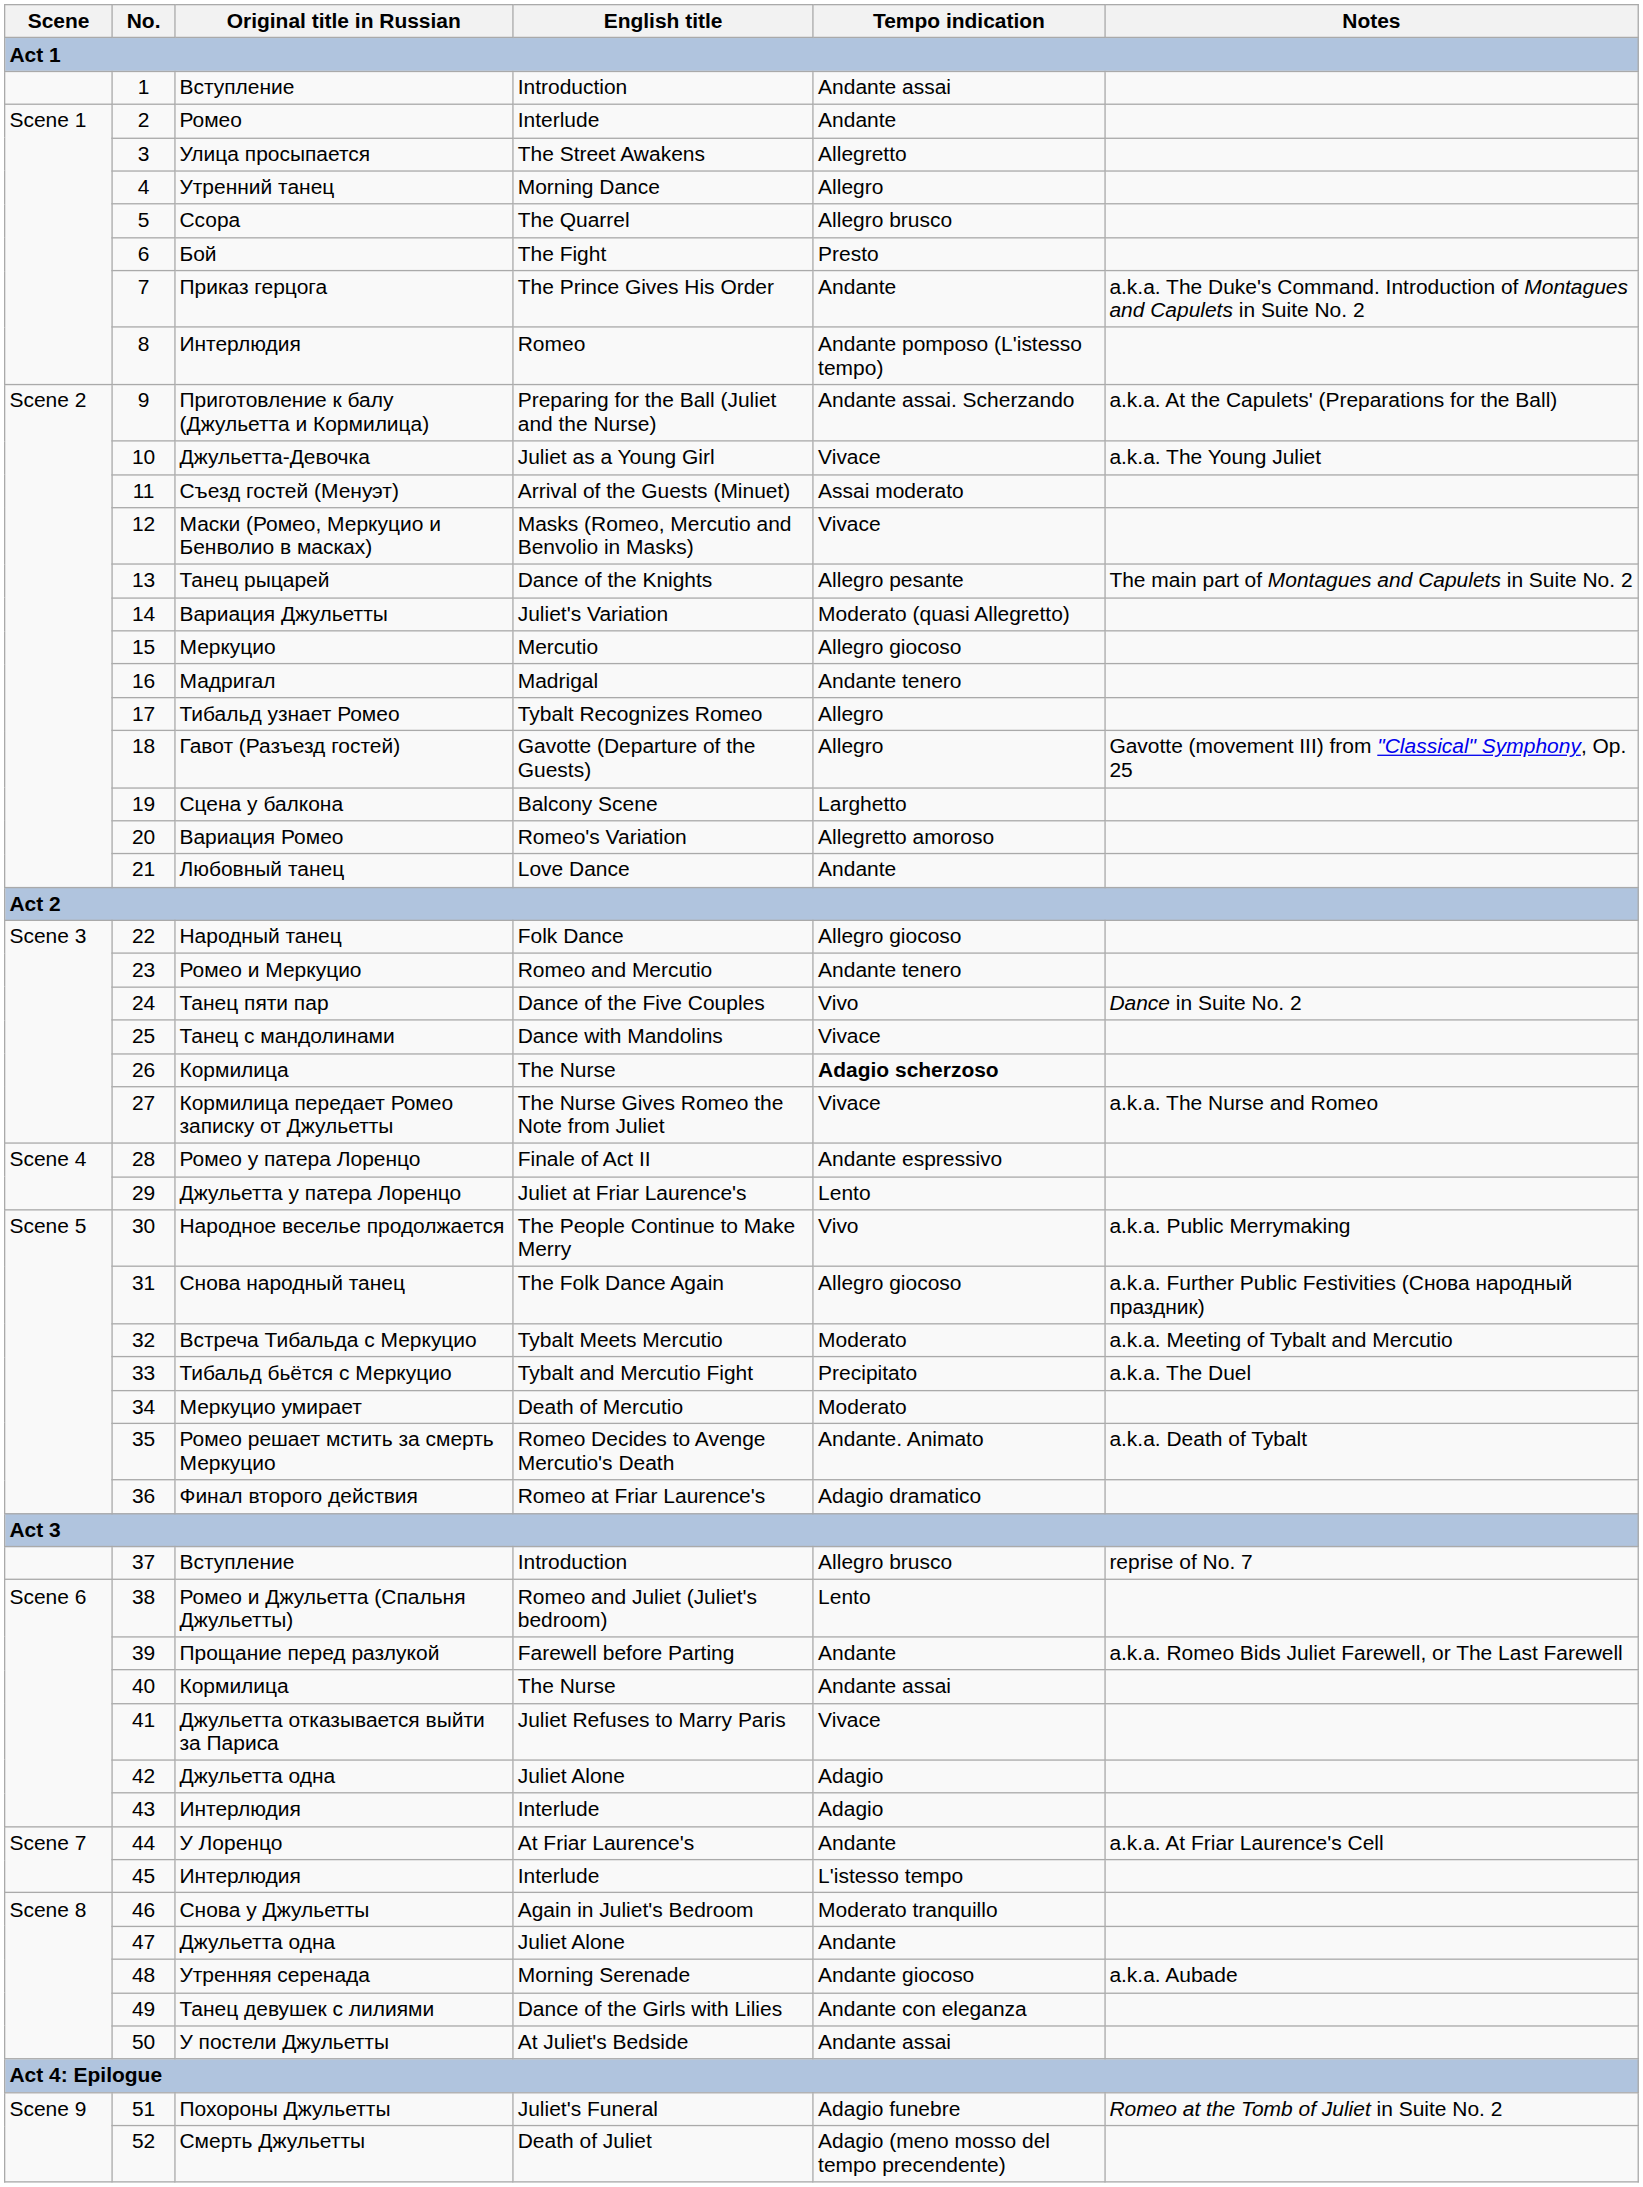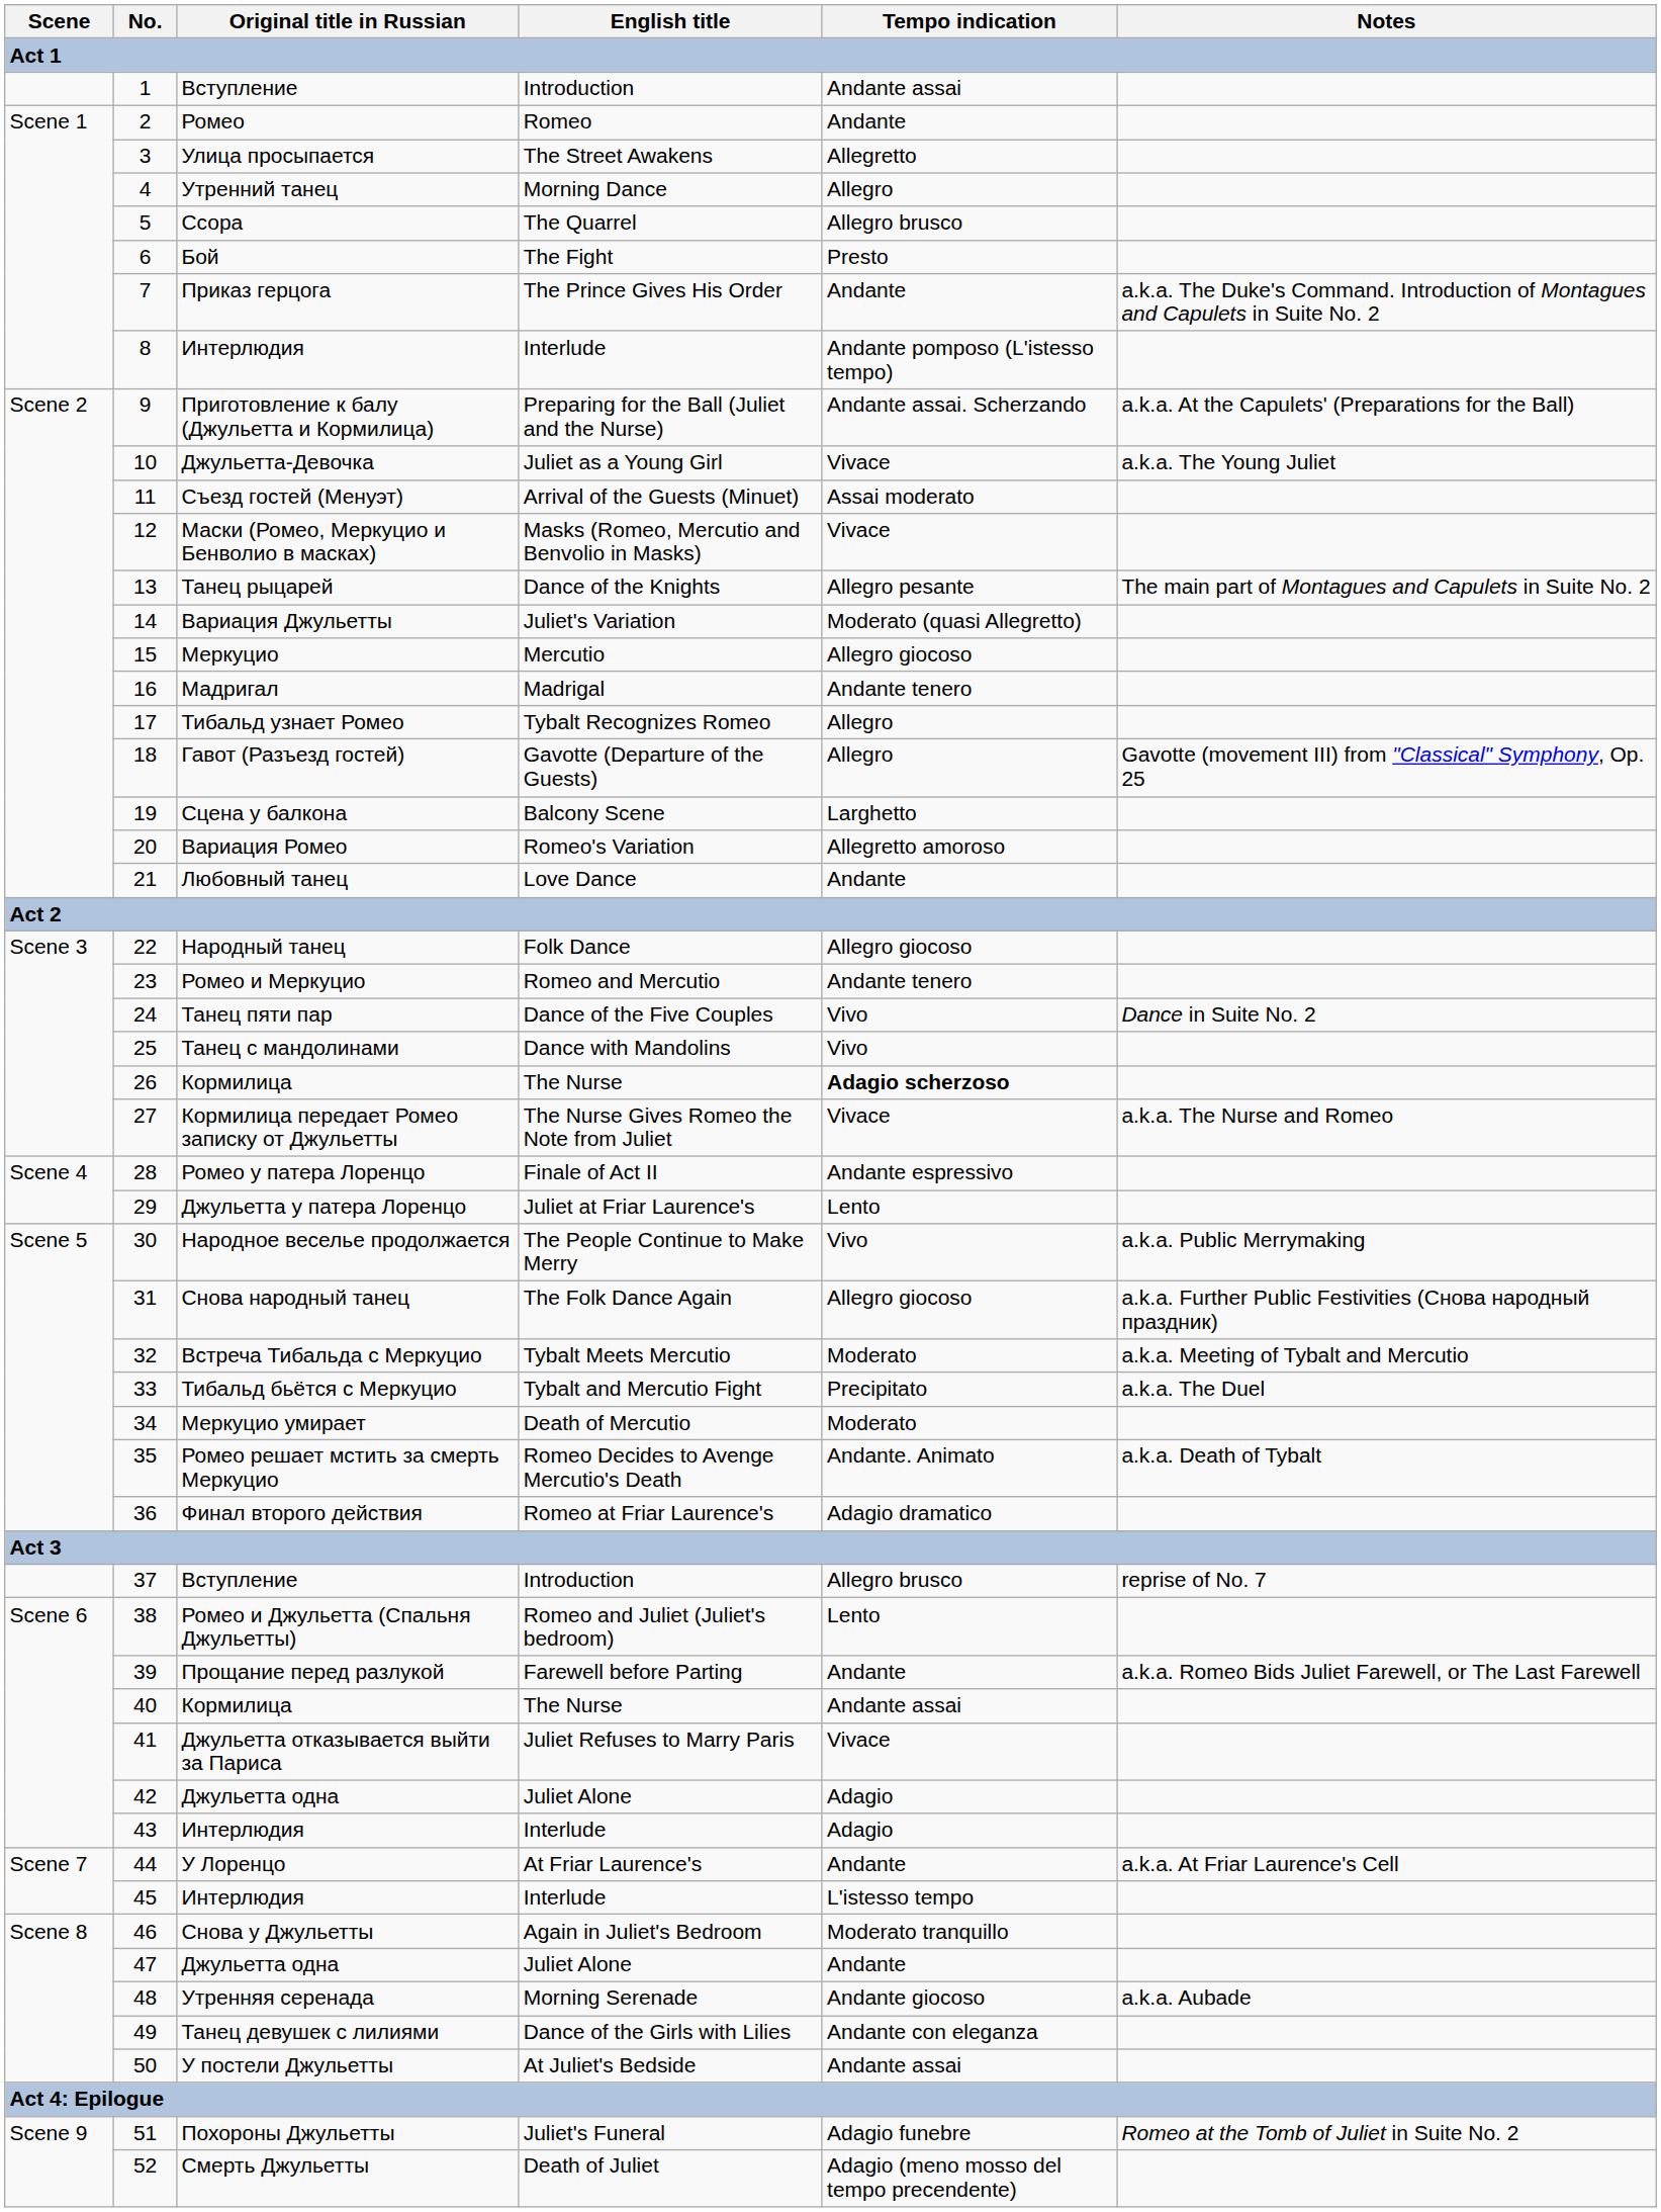 <table class="wikitable" style="margins:auto; width=95%;">
 <tr>
 <th width="75">Scene</th>
 <th width="40">No.</th>
 <th>Original title in Russian</th>
 <th>English title</th>
 <th>Tempo indication</th>
 <th width="400">Notes</th>
 </tr>
 <tr valign="top">
 <td colspan="6" valign="top" style="background:#B0C4DE;"><strong>Act 1</strong></td>
 </tr>
 <tr valign="top">
 <td></td>
 <td align=center>1</td>
 <td>Вступление</td>
 <td>Introduction</td>
 <td>Andante assai</td>
 <td></td>
 </tr>
 <tr valign="top">
 <td rowspan="7" valign="top">Scene 1</td>
 <td align=center>2</td>
 <td>Ромео</td>
-<td>Interlude</td>
+<td>Romeo</td>
 <td>Andante</td>
 <td></td>
 </tr>
 <tr valign="top">
 <td align=center>3</td>
 <td>Улица просыпается</td>
 <td>The Street Awakens</td>
 <td>Allegretto</td>
 <td></td>
 </tr>
 <tr valign="top">
 <td align=center>4</td>
 <td>Утренний танец</td>
 <td>Morning Dance</td>
 <td>Allegro</td>
 <td></td>
 </tr>
 <tr valign="top">
 <td align=center>5</td>
 <td>Ссора</td>
 <td>The Quarrel</td>
 <td>Allegro brusco</td>
 <td></td>
 </tr>
 <tr valign="top">
 <td align=center>6</td>
 <td>Бой</td>
 <td>The Fight</td>
 <td>Presto</td>
 <td></td>
 </tr>
 <tr valign="top">
 <td align=center>7</td>
 <td>Приказ герцога</td>
 <td>The Prince Gives His Order</td>
 <td>Andante</td>
 <td>a.k.a. The Duke's Command. Introduction of <em>Montagues and Capulets</em> in Suite No. 2</td>
 </tr>
 <tr valign="top">
 <td align=center>8</td>
 <td>Интерлюдия</td>
-<td>Romeo</td>
+<td>Interlude</td>
 <td>Andante pomposo (L'istesso tempo)</td>
 <td></td>
 </tr>
 <tr valign="top">
 <td rowspan="13" valign="top">Scene 2</td>
 <td align=center>9</td>
 <td>Приготовление к балу (Джульетта и Кормилица)</td>
 <td>Preparing for the Ball (Juliet and the Nurse)</td>
 <td>Andante assai. Scherzando</td>
 <td>a.k.a. At the Capulets' (Preparations for the Ball)</td>
 </tr>
 <tr valign="top">
 <td align=center>10</td>
 <td>Джульетта-Девочка</td>
 <td>Juliet as a Young Girl</td>
 <td>Vivace</td>
 <td>a.k.a. The Young Juliet</td>
 </tr>
 <tr valign="top">
 <td align=center>11</td>
 <td>Съезд гостей (Менуэт)</td>
 <td>Arrival of the Guests (Minuet)</td>
 <td>Assai moderato</td>
 <td></td>
 </tr>
 <tr valign="top">
 <td align=center>12</td>
 <td>Маски (Ромео, Меркуцио и Бенволио в масках)</td>
 <td>Masks (Romeo, Mercutio and Benvolio in Masks)</td>
 <td>Vivace</td>
 <td></td>
 </tr>
 <tr valign="top">
 <td align=center>13</td>
 <td>Танец рыцарей</td>
 <td>Dance of the Knights</td>
 <td>Allegro pesante</td>
 <td>The main part of <em>Montagues and Capulets</em> in Suite No. 2</td>
 </tr>
 <tr valign="top">
 <td align=center>14</td>
 <td>Вариация Джульетты</td>
 <td>Juliet's Variation</td>
 <td>Moderato (quasi Allegretto)</td>
 <td></td>
 </tr>
 <tr valign="top">
 <td align=center>15</td>
 <td>Меркуцио</td>
 <td>Mercutio</td>
 <td>Allegro giocoso</td>
 <td></td>
 </tr>
 <tr valign="top">
 <td align=center>16</td>
 <td>Мадригал</td>
 <td>Madrigal</td>
 <td>Andante tenero</td>
 <td></td>
 </tr>
 <tr valign="top">
 <td align=center>17</td>
 <td>Тибальд узнает Ромео</td>
 <td>Tybalt Recognizes Romeo</td>
 <td>Allegro</td>
 <td></td>
 </tr>
 <tr valign="top">
 <td align=center>18</td>
 <td>Гавот (Разъезд гостей)</td>
 <td>Gavotte (Departure of the Guests)</td>
 <td>Allegro</td>
 <td>Gavotte (movement III) from <a href='#'><em>"Classical" Symphony</em></a>, Op. 25</td>
 </tr>
 <tr valign="top">
 <td align=center>19</td>
 <td>Сцена у балкона</td>
 <td>Balcony Scene</td>
 <td>Larghetto</td>
 <td></td>
 </tr>
 <tr valign="top">
 <td align=center>20</td>
 <td>Вариация Ромео</td>
 <td>Romeo's Variation</td>
 <td>Allegretto amoroso</td>
 <td></td>
 </tr>
 <tr valign="top">
 <td align=center>21</td>
 <td>Любовный танец</td>
 <td>Love Dance</td>
 <td>Andante</td>
 <td></td>
 </tr>
 <tr valign="top">
 <td colspan="6" valign="top" style="background:#B0C4DE;"><strong>Act 2</strong></td>
 </tr>
 <tr valign="top">
 <td rowspan="6" valign="top">Scene 3</td>
 <td align=center>22</td>
 <td>Народный танец</td>
 <td>Folk Dance</td>
 <td>Allegro giocoso</td>
 <td></td>
 </tr>
 <tr valign="top">
 <td align=center>23</td>
 <td>Ромео и Меркуцио</td>
 <td>Romeo and Mercutio</td>
 <td>Andante tenero</td>
 <td></td>
 </tr>
 <tr valign="top">
 <td align=center>24</td>
 <td>Танец пяти пар</td>
 <td>Dance of the Five Couples</td>
 <td>Vivo</td>
 <td><em>Dance</em> in Suite No. 2</td>
 </tr>
 <tr valign="top">
 <td align=center>25</td>
 <td>Танец с мандолинами</td>
 <td>Dance with Mandolins</td>
-<td>Vivace</td>
+<td>Vivo</td>
 <td></td>
 </tr>
 <tr valign="top">
 <td align=center>26</td>
 <td>Кормилица</td>
 <td>The Nurse</td>
 <td><strong>Adagio scherzoso</strong></td>
 <td></td>
 </tr>
 <tr valign="top">
 <td align=center>27</td>
 <td>Кормилица передает Ромео записку от Джульетты</td>
 <td>The Nurse Gives Romeo the Note from Juliet</td>
 <td>Vivace</td>
 <td>a.k.a. The Nurse and Romeo</td>
 </tr>
 <tr valign="top">
 <td rowspan="2" valign="top">Scene 4</td>
 <td align=center>28</td>
 <td>Ромео у патера Лоренцо</td>
 <td>Finale of Act II</td>
 <td>Andante espressivo</td>
 <td></td>
 </tr>
 <tr valign="top">
 <td align=center>29</td>
 <td>Джульетта у патера Лоренцо</td>
 <td>Juliet at Friar Laurence's</td>
 <td>Lento</td>
 <td></td>
 </tr>
 <tr valign="top">
 <td rowspan="7" valign="top">Scene 5</td>
 <td align=center>30</td>
 <td>Народное веселье продолжается</td>
 <td>The People Continue to Make Merry</td>
 <td>Vivo</td>
 <td>a.k.a. Public Merrymaking</td>
 </tr>
 <tr valign="top">
 <td align=center>31</td>
 <td>Снова народный танец</td>
 <td>The Folk Dance Again</td>
 <td>Allegro giocoso</td>
 <td>a.k.a. Further Public Festivities (Снова народный праздник)</td>
 </tr>
 <tr valign="top">
 <td align=center>32</td>
 <td>Встреча Тибальда с Меркуцио</td>
 <td>Tybalt Meets Mercutio</td>
 <td>Moderato</td>
 <td>a.k.a. Meeting of Tybalt and Mercutio</td>
 </tr>
 <tr valign="top">
 <td align=center>33</td>
 <td>Тибальд бьётся с Меркуцио</td>
 <td>Tybalt and Mercutio Fight</td>
 <td>Precipitato</td>
 <td>a.k.a. The Duel</td>
 </tr>
 <tr valign="top">
 <td align=center>34</td>
 <td>Меркуцио умирает</td>
 <td>Death of Mercutio</td>
 <td>Moderato</td>
 <td></td>
 </tr>
 <tr valign="top">
 <td align=center>35</td>
 <td>Ромео решает мстить за смерть Меркуцио</td>
 <td>Romeo Decides to Avenge Mercutio's Death</td>
 <td>Andante. Animato</td>
 <td>a.k.a. Death of Tybalt</td>
 </tr>
 <tr valign="top">
 <td align=center>36</td>
 <td>Финал второго действия</td>
 <td>Romeo at Friar Laurence's</td>
 <td>Adagio dramatico</td>
 <td></td>
 </tr>
 <tr valign="top">
 <td colspan="6" valign="top" style="background:#B0C4DE;"><strong>Act 3</strong></td>
 </tr>
 <tr valign="top">
 <td></td>
 <td align=center>37</td>
 <td>Вступление</td>
 <td>Introduction</td>
 <td>Allegro brusco</td>
 <td>reprise of No. 7</td>
 </tr>
 <tr valign="top">
 <td rowspan="6" valign="top">Scene 6</td>
 <td align=center>38</td>
 <td>Ромео и Джульетта (Спальня Джульетты)</td>
 <td>Romeo and Juliet (Juliet's bedroom)</td>
 <td>Lento</td>
 <td></td>
 </tr>
 <tr valign="top">
 <td align=center>39</td>
 <td>Прощание перед разлукой</td>
 <td>Farewell before Parting</td>
 <td>Andante</td>
 <td>a.k.a. Romeo Bids Juliet Farewell, or The Last Farewell</td>
 </tr>
 <tr valign="top">
 <td align=center>40</td>
 <td>Кормилица</td>
 <td>The Nurse</td>
 <td>Andante assai</td>
 <td></td>
 </tr>
 <tr valign="top">
 <td align=center>41</td>
 <td>Джульетта отказывается выйти за Париса</td>
 <td>Juliet Refuses to Marry Paris</td>
 <td>Vivace</td>
 <td></td>
 </tr>
 <tr valign="top">
 <td align=center>42</td>
 <td>Джульетта одна</td>
 <td>Juliet Alone</td>
 <td>Adagio</td>
 <td></td>
 </tr>
 <tr valign="top">
 <td align=center>43</td>
 <td>Интерлюдия</td>
 <td>Interlude</td>
 <td>Adagio</td>
 <td></td>
 </tr>
 <tr valign="top">
 <td rowspan="2" valign="top">Scene 7</td>
 <td align=center>44</td>
 <td>У Лоренцо</td>
 <td>At Friar Laurence's</td>
 <td>Andante</td>
 <td>a.k.a. At Friar Laurence's Cell</td>
 </tr>
 <tr valign="top">
 <td align=center>45</td>
 <td>Интерлюдия</td>
 <td>Interlude</td>
 <td>L'istesso tempo</td>
 <td></td>
 </tr>
 <tr valign="top">
 <td rowspan="5" valign="top">Scene 8</td>
 <td align=center>46</td>
 <td>Снова у Джульетты</td>
 <td>Again in Juliet's Bedroom</td>
 <td>Moderato tranquillo</td>
 <td></td>
 </tr>
 <tr valign="top">
 <td align=center>47</td>
 <td>Джульетта одна</td>
 <td>Juliet Alone</td>
 <td>Andante</td>
 <td></td>
 </tr>
 <tr valign="top">
 <td align=center>48</td>
 <td>Утренняя серенада</td>
 <td>Morning Serenade</td>
 <td>Andante giocoso</td>
 <td>a.k.a. Aubade</td>
 </tr>
 <tr valign="top">
 <td align=center>49</td>
 <td>Танец девушек с лилиями</td>
 <td>Dance of the Girls with Lilies</td>
 <td>Andante con eleganza</td>
 <td></td>
 </tr>
 <tr valign="top">
 <td align=center>50</td>
 <td>У постели Джульетты</td>
 <td>At Juliet's Bedside</td>
 <td>Andante assai</td>
 <td></td>
 </tr>
 <tr valign="top">
 <td colspan="6" valign="top" style="background:#B0C4DE;"><strong>Act 4: Epilogue</strong></td>
 </tr>
 <tr valign="top">
 <td rowspan="2" valign="top">Scene 9</td>
 <td align=center>51</td>
 <td>Похороны Джульетты</td>
 <td>Juliet's Funeral</td>
 <td>Adagio funebre</td>
 <td><em>Romeo at the Tomb of Juliet</em> in Suite No. 2</td>
 </tr>
 <tr valign="top">
 <td align=center>52</td>
 <td>Смерть Джульетты</td>
 <td>Death of Juliet</td>
 <td>Adagio (meno mosso del tempo precendente)</td>
 <td></td>
 </tr>
 </table>
